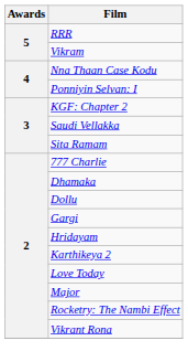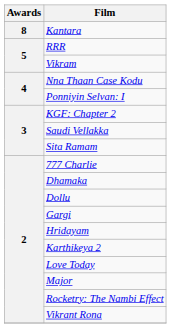 <table class="wikitable" style="display:inline-table;">
 <tr>
 <th>Awards</th>
 <th>Film</th>
+</tr>
+<tr>
+<th>8</th>
+<td><a href='#'><em>Kantara</em></a></td>
 </tr>
 <tr>
 <th rowspan="2">5</th>
 <td><em><a href='#'>RRR</a></em></td>
 </tr>
 <tr>
 <td><a href='#'><em>Vikram</em></a></td>
 </tr>
 <tr>
 <th rowspan="2">4</th>
 <td><em><a href='#'>Nna Thaan Case Kodu</a></em></td>
 </tr>
 <tr>
 <td><em><a href='#'>Ponniyin Selvan: I</a></em></td>
 </tr>
 <tr>
 <th rowspan="3">3</th>
 <td><em><a href='#'>KGF: Chapter 2</a></em></td>
 </tr>
 <tr>
 <td><em><a href='#'>Saudi Vellakka</a></em></td>
 </tr>
 <tr>
 <td><em><a href='#'>Sita Ramam</a></em></td>
 </tr>
 <tr>
 <th rowspan="10">2</th>
 <td><em><a href='#'>777 Charlie</a></em></td>
 </tr>
 <tr>
 <td><a href='#'><em>Dhamaka</em></a></td>
 </tr>
 <tr>
 <td><a href='#'><em>Dollu</em></a></td>
 </tr>
 <tr>
 <td><a href='#'><em>Gargi</em></a></td>
 </tr>
 <tr>
 <td><em><a href='#'>Hridayam</a></em></td>
 </tr>
 <tr>
 <td><em><a href='#'>Karthikeya 2</a></em></td>
 </tr>
 <tr>
 <td><a href='#'><em>Love Today</em></a></td>
 </tr>
 <tr>
 <td><a href='#'><em>Major</em></a></td>
 </tr>
 <tr>
 <td><em><a href='#'>Rocketry: The Nambi Effect</a></em></td>
 </tr>
 <tr>
 <td><a href='#'><em>Vikrant Rona</em></a></td>
 </tr>
 <tr>
 </tr>
 </table>
